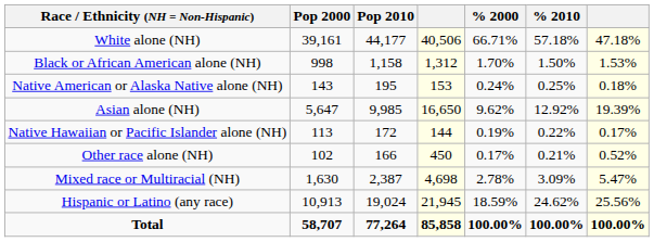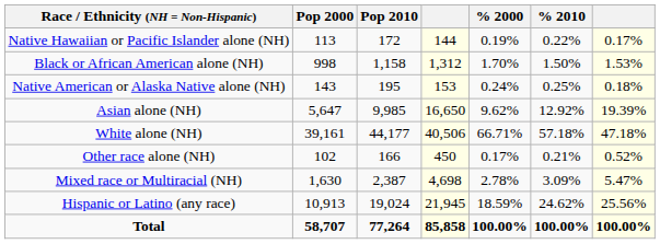 <table class="wikitable" style="text-align:center;">
 <tr>
 <th>Race / Ethnicity <small>(<em>NH = Non-Hispanic</em>)</small></th>
 <th>Pop 2000</th>
 <th>Pop 2010</th>
 <th></th>
 <th>% 2000</th>
 <th>% 2010</th>
 <th></th>
 </tr>
 <tr>
-<td><a href='#'>White</a> alone (NH)</td>
-<td>39,161</td>
-<td>44,177</td>
-<td style='background: #ffffe6;'>40,506</td>
-<td>66.71%</td>
-<td>57.18%</td>
-<td style='background: #ffffe6;'>47.18%</td>
+<td><a href='#'>Native Hawaiian</a> or <a href='#'>Pacific Islander</a> alone (NH)</td>
+<td>113</td>
+<td>172</td>
+<td style='background: #ffffe6;'>144</td>
+<td>0.19%</td>
+<td>0.22%</td>
+<td style='background: #ffffe6;'>0.17%</td>
 </tr>
 <tr>
 <td><a href='#'>Black or African American</a> alone (NH)</td>
 <td>998</td>
 <td>1,158</td>
 <td style='background: #ffffe6;'>1,312</td>
 <td>1.70%</td>
 <td>1.50%</td>
 <td style='background: #ffffe6;'>1.53%</td>
 </tr>
 <tr>
 <td><a href='#'>Native American</a> or <a href='#'>Alaska Native</a> alone (NH)</td>
 <td>143</td>
 <td>195</td>
 <td style='background: #ffffe6;'>153</td>
 <td>0.24%</td>
 <td>0.25%</td>
 <td style='background: #ffffe6;'>0.18%</td>
 </tr>
 <tr>
 <td><a href='#'>Asian</a> alone (NH)</td>
 <td>5,647</td>
 <td>9,985</td>
 <td style='background: #ffffe6;'>16,650</td>
 <td>9.62%</td>
 <td>12.92%</td>
 <td style='background: #ffffe6;'>19.39%</td>
 </tr>
 <tr>
-<td><a href='#'>Native Hawaiian</a> or <a href='#'>Pacific Islander</a> alone (NH)</td>
-<td>113</td>
-<td>172</td>
-<td style='background: #ffffe6;'>144</td>
-<td>0.19%</td>
-<td>0.22%</td>
-<td style='background: #ffffe6;'>0.17%</td>
+<td><a href='#'>White</a> alone (NH)</td>
+<td>39,161</td>
+<td>44,177</td>
+<td style='background: #ffffe6;'>40,506</td>
+<td>66.71%</td>
+<td>57.18%</td>
+<td style='background: #ffffe6;'>47.18%</td>
 </tr>
 <tr>
 <td><a href='#'>Other race</a> alone (NH)</td>
 <td>102</td>
 <td>166</td>
 <td style='background: #ffffe6;'>450</td>
 <td>0.17%</td>
 <td>0.21%</td>
 <td style='background: #ffffe6;'>0.52%</td>
 </tr>
 <tr>
 <td><a href='#'>Mixed race or Multiracial</a> (NH)</td>
 <td>1,630</td>
 <td>2,387</td>
 <td style='background: #ffffe6;'>4,698</td>
 <td>2.78%</td>
 <td>3.09%</td>
 <td style='background: #ffffe6;'>5.47%</td>
 </tr>
 <tr>
 <td><a href='#'>Hispanic or Latino</a> (any race)</td>
 <td>10,913</td>
 <td>19,024</td>
 <td style='background: #ffffe6;'>21,945</td>
 <td>18.59%</td>
 <td>24.62%</td>
 <td style='background: #ffffe6;'>25.56%</td>
 </tr>
 <tr>
 <td><strong>Total</strong></td>
 <td><strong>58,707</strong></td>
 <td><strong>77,264</strong></td>
 <td style='background: #ffffe6;'><strong>85,858</strong></td>
 <td><strong>100.00%</strong></td>
 <td><strong>100.00%</strong></td>
 <td style='background: #ffffe6;'><strong>100.00%</strong></td>
 </tr>
 </table>
